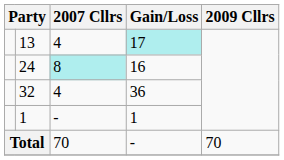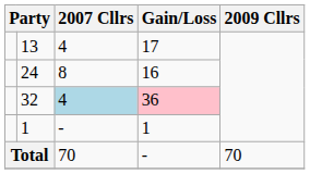 <table class="wikitable">
 <tr>
 <th colspan="2">Party</th>
 <th>2007 Cllrs</th>
 <th>Gain/Loss</th>
 <th>2009 Cllrs</th>
 </tr>
 <tr>
 <td></td>
 <td>13</td>
 <td>4</td>
-<td style="background: paleturquoise;">17</td>
+<td>17</td>
 </tr>
 <tr>
 <td></td>
 <td>24</td>
-<td style="background: paleturquoise;">8</td>
+<td>8</td>
 <td>16</td>
 </tr>
 <tr>
 <td></td>
 <td>32</td>
-<td>4</td>
-<td>36</td>
+<td style="background: lightblue;">4</td>
+<td style="background: pink;">36</td>
 </tr>
 <tr>
 <td></td>
 <td>1</td>
 <td>-</td>
 <td>1</td>
 </tr>
 <tr>
 <th colspan="2">Total</th>
 <td>70</td>
 <td>-</td>
 <td>70</td>
 </tr>
 <tr>
 </tr>
 </table>
